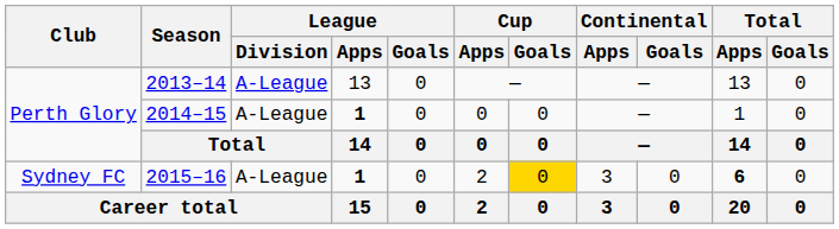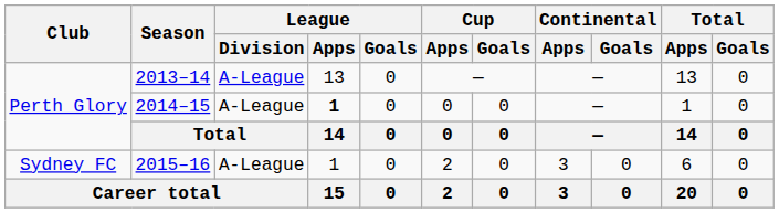 <table class="wikitable" border="1" style="font-size:100%; text-align: center;">
 <tr>
 <th rowspan="2">Club</th>
 <th rowspan="2">Season</th>
 <th colspan="3">League</th>
 <th colspan="2">Cup</th>
 <th colspan="2">Continental</th>
 <th colspan="2">Total</th>
 </tr>
 <tr>
 <th>Division</th>
 <th>Apps</th>
 <th>Goals</th>
 <th>Apps</th>
 <th>Goals</th>
 <th>Apps</th>
 <th>Goals</th>
 <th>Apps</th>
 <th>Goals</th>
 </tr>
 <tr>
 <td rowspan=3><a href='#'>Perth Glory</a></td>
 <td><a href='#'>2013–14</a></td>
 <td><a href='#'>A-League</a></td>
 <td>13</td>
 <td>0</td>
 <td colspan=2>—</td>
 <td colspan=2>—</td>
 <td>13</td>
 <td>0</td>
 </tr>
 <tr>
 <td><a href='#'>2014–15</a></td>
 <td>A-League</td>
 <td><strong>1</strong></td>
 <td>0</td>
 <td>0</td>
 <td>0</td>
 <td colspan=2>—</td>
 <td>1</td>
 <td>0</td>
 </tr>
 <tr>
 <th colspan=2>Total</th>
 <th>14</th>
 <th>0</th>
 <th>0</th>
 <th>0</th>
 <th colspan=2>—</th>
 <th>14</th>
 <th>0</th>
 </tr>
 <tr>
 <td><a href='#'>Sydney FC</a></td>
 <td><a href='#'>2015–16</a></td>
 <td>A-League</td>
-<td><strong>1</strong></td>
+<td>1</td>
 <td>0</td>
 <td>2</td>
-<td style="background: gold;">0</td>
+<td>0</td>
 <td>3</td>
 <td>0</td>
-<td><strong>6</strong></td>
+<td>6</td>
 <td>0</td>
 </tr>
 <tr>
 <th colspan=3>Career total</th>
 <th>15</th>
 <th>0</th>
 <th>2</th>
 <th>0</th>
 <th>3</th>
 <th>0</th>
 <th>20</th>
 <th>0</th>
 </tr>
 </table>
